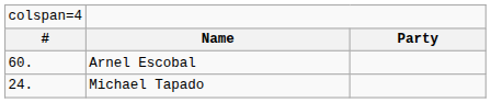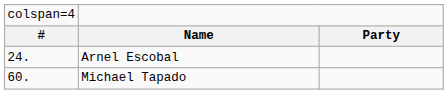 <table class=wikitable style="font-size:90%">
 <tr>
 <td>colspan=4 </td>
 </tr>
 <tr>
 <th>#</th>
 <th width=55%>Name</th>
 <th colspan=2 width=110px>Party</th>
 </tr>
 <tr>
-<td>60.</td>
+<td>24.</td>
 <td>Arnel Escobal</td>
 <td></td>
 </tr>
 <tr>
-<td>24.</td>
+<td>60.</td>
 <td>Michael Tapado</td>
 <td></td>
 </tr>
 </table>
